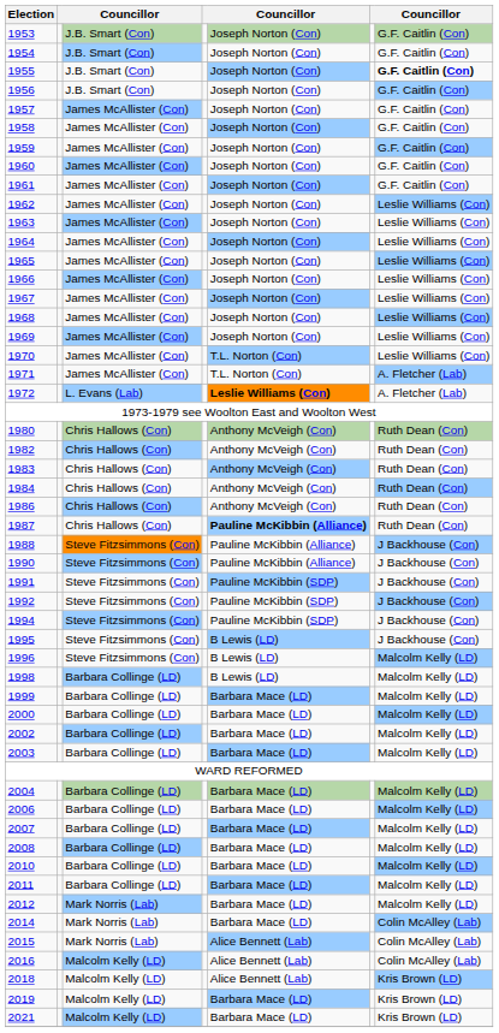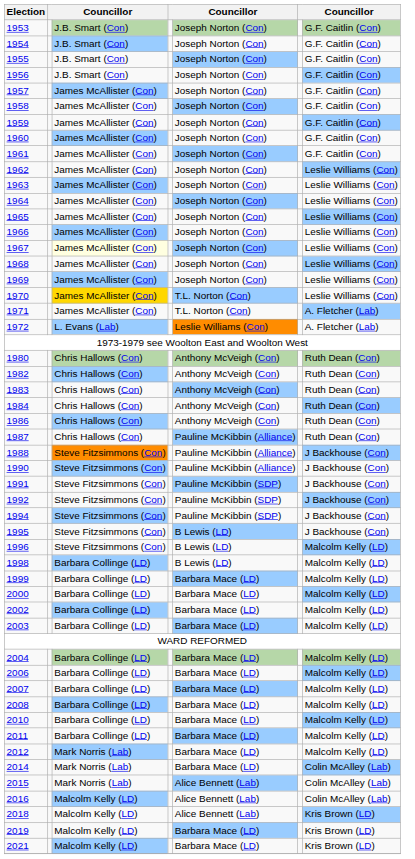 <table class="wikitable">
 <tr>
 <th>Election</th>
 <th colspan="2">Councillor</th>
 <th colspan="2">Councillor</th>
 <th colspan="2">Councillor</th>
 </tr>
 <tr>
 <td><a href='#'>1953</a></td>
 <td style="background-color: "></td>
 <td bgcolor="#B6D7A8">J.B. Smart (<a href='#'>Con</a>)</td>
 <td style="background-color: "></td>
 <td bgcolor="#B6D7A8">Joseph Norton (<a href='#'>Con</a>)</td>
 <td style="background-color: "></td>
 <td bgcolor="#B6D7A8">G.F. Caitlin (<a href='#'>Con</a>)</td>
 </tr>
 <tr>
 <td><a href='#'>1954</a></td>
 <td style="background-color: "></td>
 <td bgcolor="#99CCFF">J.B. Smart (<a href='#'>Con</a>)</td>
 <td style="background-color: "></td>
 <td>Joseph Norton (<a href='#'>Con</a>)</td>
 <td style="background-color: "></td>
 <td>G.F. Caitlin (<a href='#'>Con</a>)</td>
 </tr>
 <tr>
 <td><a href='#'>1955</a></td>
 <td style="background-color: "></td>
 <td>J.B. Smart (<a href='#'>Con</a>)</td>
 <td style="background-color: "></td>
 <td bgcolor="#99CCFF">Joseph Norton (<a href='#'>Con</a>)</td>
 <td style="background-color: "></td>
-<td><strong>G.F. Caitlin (<a href='#'>Con</a>)</strong></td>
+<td>G.F. Caitlin (<a href='#'>Con</a>)</td>
 </tr>
 <tr>
 <td><a href='#'>1956</a></td>
 <td style="background-color: "></td>
 <td>J.B. Smart (<a href='#'>Con</a>)</td>
 <td style="background-color: "></td>
 <td>Joseph Norton (<a href='#'>Con</a>)</td>
 <td style="background-color: "></td>
 <td bgcolor="#99CCFF">G.F. Caitlin (<a href='#'>Con</a>)</td>
 </tr>
 <tr>
 <td><a href='#'>1957</a></td>
 <td style="background-color: "></td>
 <td bgcolor="#99CCFF">James McAllister (<a href='#'>Con</a>)</td>
 <td style="background-color: "></td>
 <td>Joseph Norton (<a href='#'>Con</a>)</td>
 <td style="background-color: "></td>
 <td>G.F. Caitlin (<a href='#'>Con</a>)</td>
 </tr>
 <tr>
 <td><a href='#'>1958</a></td>
 <td style="background-color: "></td>
 <td>James McAllister (<a href='#'>Con</a>)</td>
 <td style="background-color: "></td>
 <td bgcolor="#99CCFF">Joseph Norton (<a href='#'>Con</a>)</td>
 <td style="background-color: "></td>
 <td>G.F. Caitlin (<a href='#'>Con</a>)</td>
 </tr>
 <tr>
 <td><a href='#'>1959</a></td>
 <td style="background-color: "></td>
 <td>James McAllister (<a href='#'>Con</a>)</td>
 <td style="background-color: "></td>
 <td>Joseph Norton (<a href='#'>Con</a>)</td>
 <td style="background-color: "></td>
 <td bgcolor="#99CCFF">G.F. Caitlin (<a href='#'>Con</a>)</td>
 </tr>
 <tr>
 <td><a href='#'>1960</a></td>
 <td style="background-color: "></td>
 <td bgcolor="#99CCFF">James McAllister (<a href='#'>Con</a>)</td>
 <td style="background-color: "></td>
 <td>Joseph Norton (<a href='#'>Con</a>)</td>
 <td style="background-color: "></td>
 <td>G.F. Caitlin (<a href='#'>Con</a>)</td>
 </tr>
 <tr>
 <td><a href='#'>1961</a></td>
 <td style="background-color: "></td>
 <td>James McAllister (<a href='#'>Con</a>)</td>
 <td style="background-color: "></td>
 <td bgcolor="#99CCFF">Joseph Norton (<a href='#'>Con</a>)</td>
 <td style="background-color: "></td>
 <td>G.F. Caitlin (<a href='#'>Con</a>)</td>
 </tr>
 <tr>
 <td><a href='#'>1962</a></td>
 <td style="background-color: "></td>
 <td>James McAllister (<a href='#'>Con</a>)</td>
 <td style="background-color: "></td>
 <td>Joseph Norton (<a href='#'>Con</a>)</td>
 <td style="background-color: "></td>
 <td bgcolor="#99CCFF">Leslie Williams (<a href='#'>Con</a>)</td>
 </tr>
 <tr>
 <td><a href='#'>1963</a></td>
 <td style="background-color: "></td>
 <td bgcolor="#99CCFF">James McAllister (<a href='#'>Con</a>)</td>
 <td style="background-color: "></td>
 <td>Joseph Norton (<a href='#'>Con</a>)</td>
 <td style="background-color: "></td>
 <td>Leslie Williams (<a href='#'>Con</a>)</td>
 </tr>
 <tr>
 <td><a href='#'>1964</a></td>
 <td style="background-color: "></td>
 <td>James McAllister (<a href='#'>Con</a>)</td>
 <td style="background-color: "></td>
 <td bgcolor="#99CCFF">Joseph Norton (<a href='#'>Con</a>)</td>
 <td style="background-color: "></td>
 <td>Leslie Williams (<a href='#'>Con</a>)</td>
 </tr>
 <tr>
 <td><a href='#'>1965</a></td>
 <td style="background-color: "></td>
 <td>James McAllister (<a href='#'>Con</a>)</td>
 <td style="background-color: "></td>
 <td>Joseph Norton (<a href='#'>Con</a>)</td>
 <td style="background-color: "></td>
 <td bgcolor="#99CCFF">Leslie Williams (<a href='#'>Con</a>)</td>
 </tr>
 <tr>
 <td><a href='#'>1966</a></td>
 <td style="background-color: "></td>
 <td bgcolor="#99CCFF">James McAllister (<a href='#'>Con</a>)</td>
 <td style="background-color: "></td>
 <td>Joseph Norton (<a href='#'>Con</a>)</td>
 <td style="background-color: "></td>
 <td>Leslie Williams (<a href='#'>Con</a>)</td>
 </tr>
 <tr>
 <td><a href='#'>1967</a></td>
 <td style="background-color: "></td>
-<td>James McAllister (<a href='#'>Con</a>)</td>
+<td style="background: lightyellow;">James McAllister (<a href='#'>Con</a>)</td>
 <td style="background-color: "></td>
 <td bgcolor="#99CCFF">Joseph Norton (<a href='#'>Con</a>)</td>
 <td style="background-color: "></td>
 <td>Leslie Williams (<a href='#'>Con</a>)</td>
 </tr>
 <tr>
 <td><a href='#'>1968</a></td>
 <td style="background-color: "></td>
 <td>James McAllister (<a href='#'>Con</a>)</td>
 <td style="background-color: "></td>
 <td>Joseph Norton (<a href='#'>Con</a>)</td>
 <td style="background-color: "></td>
 <td bgcolor="#99CCFF">Leslie Williams (<a href='#'>Con</a>)</td>
 </tr>
 <tr>
 <td><a href='#'>1969</a></td>
 <td style="background-color: "></td>
 <td bgcolor="#99CCFF">James McAllister (<a href='#'>Con</a>)</td>
 <td style="background-color: "></td>
 <td>Joseph Norton (<a href='#'>Con</a>)</td>
 <td style="background-color: "></td>
 <td>Leslie Williams (<a href='#'>Con</a>)</td>
 </tr>
 <tr>
 <td><a href='#'>1970</a></td>
 <td style="background-color: "></td>
-<td>James McAllister (<a href='#'>Con</a>)</td>
+<td style="background: gold;">James McAllister (<a href='#'>Con</a>)</td>
 <td style="background-color: "></td>
 <td bgcolor="#99CCFF">T.L. Norton (<a href='#'>Con</a>)</td>
 <td style="background-color: "></td>
 <td>Leslie Williams (<a href='#'>Con</a>)</td>
 </tr>
 <tr>
 <td><a href='#'>1971</a></td>
 <td style="background-color: "></td>
 <td>James McAllister (<a href='#'>Con</a>)</td>
 <td style="background-color: "></td>
 <td>T.L. Norton (<a href='#'>Con</a>)</td>
 <td style="background-color: "></td>
 <td bgcolor="#99CCFF">A. Fletcher (<a href='#'>Lab</a>)</td>
 </tr>
 <tr>
 <td><a href='#'>1972</a></td>
 <td style="background-color: "></td>
 <td bgcolor="#99CCFF">L. Evans (<a href='#'>Lab</a>)</td>
 <td style="background-color: "></td>
-<td bgcolor="#FF8C00"><strong>Leslie Williams (<a href='#'>Con</a>)</strong></td>
+<td bgcolor="#FF8C00">Leslie Williams (<a href='#'>Con</a>)</td>
 <td style="background-color: "></td>
 <td>A. Fletcher (<a href='#'>Lab</a>)</td>
 </tr>
 <tr>
 <td colspan="8" bgcolor="#FFF" style="text-align: center;">1973-1979 see Woolton East and Woolton West</td>
 </tr>
 <tr>
 <td><a href='#'>1980</a></td>
 <td style="background-color: "></td>
 <td bgcolor="#B6D7A8">Chris Hallows (<a href='#'>Con</a>)</td>
 <td style="background-color: "></td>
 <td bgcolor="#B6D7A8">Anthony McVeigh (<a href='#'>Con</a>)</td>
 <td style="background-color: "></td>
 <td bgcolor="#B6D7A8">Ruth Dean (<a href='#'>Con</a>)</td>
 </tr>
 <tr>
 <td><a href='#'>1982</a></td>
 <td style="background-color: "></td>
 <td bgcolor="#99CCFF">Chris Hallows (<a href='#'>Con</a>)</td>
 <td style="background-color: "></td>
 <td>Anthony McVeigh (<a href='#'>Con</a>)</td>
 <td style="background-color: "></td>
 <td>Ruth Dean (<a href='#'>Con</a>)</td>
 </tr>
 <tr>
 <td><a href='#'>1983</a></td>
 <td style="background-color: "></td>
 <td>Chris Hallows (<a href='#'>Con</a>)</td>
 <td style="background-color: "></td>
 <td bgcolor="#99CCFF">Anthony McVeigh (<a href='#'>Con</a>)</td>
 <td style="background-color: "></td>
 <td>Ruth Dean (<a href='#'>Con</a>)</td>
 </tr>
 <tr>
 <td><a href='#'>1984</a></td>
 <td style="background-color: "></td>
 <td>Chris Hallows (<a href='#'>Con</a>)</td>
 <td style="background-color: "></td>
 <td>Anthony McVeigh (<a href='#'>Con</a>)</td>
 <td style="background-color: "></td>
 <td bgcolor="#99CCFF">Ruth Dean (<a href='#'>Con</a>)</td>
 </tr>
 <tr>
 <td><a href='#'>1986</a></td>
 <td style="background-color: "></td>
 <td bgcolor="#99CCFF">Chris Hallows (<a href='#'>Con</a>)</td>
 <td style="background-color: "></td>
 <td>Anthony McVeigh (<a href='#'>Con</a>)</td>
 <td style="background-color: "></td>
 <td>Ruth Dean (<a href='#'>Con</a>)</td>
 </tr>
 <tr>
 <td><a href='#'>1987</a></td>
 <td style="background-color: "></td>
 <td>Chris Hallows (<a href='#'>Con</a>)</td>
 <td style="background-color: "></td>
-<td bgcolor="#99CCFF"><strong>Pauline McKibbin (<a href='#'>Alliance</a>)</strong></td>
+<td bgcolor="#99CCFF">Pauline McKibbin (<a href='#'>Alliance</a>)</td>
 <td style="background-color: "></td>
 <td>Ruth Dean (<a href='#'>Con</a>)</td>
 </tr>
 <tr>
 <td><a href='#'>1988</a></td>
 <td style="background-color: "></td>
 <td bgcolor="#FF8C00">Steve Fitzsimmons (<a href='#'>Con</a>)</td>
 <td style="background-color: "></td>
 <td>Pauline McKibbin (<a href='#'>Alliance</a>)</td>
 <td style="background-color: "></td>
 <td bgcolor="#99CCFF">J Backhouse (<a href='#'>Con</a>)</td>
 </tr>
 <tr>
 <td><a href='#'>1990</a></td>
 <td style="background-color: "></td>
 <td bgcolor="#99CCFF">Steve Fitzsimmons (<a href='#'>Con</a>)</td>
 <td style="background-color: "></td>
 <td>Pauline McKibbin (<a href='#'>Alliance</a>)</td>
 <td style="background-color: "></td>
 <td>J Backhouse (<a href='#'>Con</a>)</td>
 </tr>
 <tr>
 <td><a href='#'>1991</a></td>
 <td style="background-color: "></td>
 <td>Steve Fitzsimmons (<a href='#'>Con</a>)</td>
 <td style="background-color: "></td>
 <td bgcolor="#99CCFF">Pauline McKibbin (<a href='#'>SDP</a>)</td>
 <td style="background-color: "></td>
 <td>J Backhouse (<a href='#'>Con</a>)</td>
 </tr>
 <tr>
 <td><a href='#'>1992</a></td>
 <td style="background-color: "></td>
 <td>Steve Fitzsimmons (<a href='#'>Con</a>)</td>
 <td style="background-color: "></td>
 <td>Pauline McKibbin (<a href='#'>SDP</a>)</td>
 <td style="background-color: "></td>
 <td bgcolor="#99CCFF">J Backhouse (<a href='#'>Con</a>)</td>
 </tr>
 <tr>
 <td><a href='#'>1994</a></td>
 <td style="background-color: "></td>
 <td bgcolor="#99CCFF">Steve Fitzsimmons (<a href='#'>Con</a>)</td>
 <td style="background-color: "></td>
 <td>Pauline McKibbin (<a href='#'>SDP</a>)</td>
 <td style="background-color: "></td>
 <td>J Backhouse (<a href='#'>Con</a>)</td>
 </tr>
 <tr>
 <td><a href='#'>1995</a></td>
 <td style="background-color: "></td>
 <td>Steve Fitzsimmons (<a href='#'>Con</a>)</td>
 <td style="background-color: "></td>
 <td bgcolor="#99CCFF">B Lewis (<a href='#'>LD</a>)</td>
 <td style="background-color: "></td>
 <td>J Backhouse (<a href='#'>Con</a>)</td>
 </tr>
 <tr>
 <td><a href='#'>1996</a></td>
 <td style="background-color: "></td>
 <td>Steve Fitzsimmons (<a href='#'>Con</a>)</td>
 <td style="background-color: "></td>
 <td>B Lewis (<a href='#'>LD</a>)</td>
 <td style="background-color: "></td>
 <td bgcolor="#99CCFF">Malcolm Kelly (<a href='#'>LD</a>)</td>
 </tr>
 <tr>
 <td><a href='#'>1998</a></td>
 <td style="background-color: "></td>
 <td bgcolor="#99CCFF">Barbara Collinge (<a href='#'>LD</a>)</td>
 <td style="background-color: "></td>
 <td>B Lewis (<a href='#'>LD</a>)</td>
 <td style="background-color: "></td>
 <td>Malcolm Kelly (<a href='#'>LD</a>)</td>
 </tr>
 <tr>
 <td><a href='#'>1999</a></td>
 <td style="background-color: "></td>
 <td>Barbara Collinge (<a href='#'>LD</a>)</td>
 <td style="background-color: "></td>
 <td bgcolor="#99CCFF">Barbara Mace (<a href='#'>LD</a>)</td>
 <td style="background-color: "></td>
 <td>Malcolm Kelly (<a href='#'>LD</a>)</td>
 </tr>
 <tr>
 <td><a href='#'>2000</a></td>
 <td style="background-color: "></td>
 <td>Barbara Collinge (<a href='#'>LD</a>)</td>
 <td style="background-color: "></td>
 <td>Barbara Mace (<a href='#'>LD</a>)</td>
 <td style="background-color: "></td>
 <td bgcolor="#99CCFF">Malcolm Kelly (<a href='#'>LD</a>)</td>
 </tr>
 <tr>
 <td><a href='#'>2002</a></td>
 <td style="background-color: "></td>
 <td bgcolor="#99CCFF">Barbara Collinge (<a href='#'>LD</a>)</td>
 <td style="background-color: "></td>
 <td>Barbara Mace (<a href='#'>LD</a>)</td>
 <td style="background-color: "></td>
 <td>Malcolm Kelly (<a href='#'>LD</a>)</td>
 </tr>
 <tr>
 <td><a href='#'>2003</a></td>
 <td style="background-color: "></td>
 <td>Barbara Collinge (<a href='#'>LD</a>)</td>
 <td style="background-color: "></td>
 <td bgcolor="#99CCFF">Barbara Mace (<a href='#'>LD</a>)</td>
 <td style="background-color: "></td>
 <td>Malcolm Kelly (<a href='#'>LD</a>)</td>
 </tr>
 <tr>
 <td colspan="8" bgcolor="#FFF" style="text-align: center;">WARD REFORMED</td>
 </tr>
 <tr>
 <td><a href='#'>2004</a></td>
 <td style="background-color: "></td>
 <td bgcolor="#B6D7A8">Barbara Collinge (<a href='#'>LD</a>)</td>
 <td style="background-color: "></td>
 <td bgcolor="#B6D7A8">Barbara Mace (<a href='#'>LD</a>)</td>
 <td style="background-color: "></td>
 <td bgcolor="#B6D7A8">Malcolm Kelly (<a href='#'>LD</a>)</td>
 </tr>
 <tr>
 <td><a href='#'>2006</a></td>
 <td style="background-color: "></td>
 <td>Barbara Collinge (<a href='#'>LD</a>)</td>
 <td style="background-color: "></td>
 <td>Barbara Mace (<a href='#'>LD</a>)</td>
 <td style="background-color: "></td>
 <td bgcolor="#99CCFF">Malcolm Kelly (<a href='#'>LD</a>)</td>
 </tr>
 <tr>
 <td><a href='#'>2007</a></td>
 <td style="background-color: "></td>
 <td>Barbara Collinge (<a href='#'>LD</a>)</td>
 <td style="background-color: "></td>
 <td bgcolor="#99CCFF">Barbara Mace (<a href='#'>LD</a>)</td>
 <td style="background-color: "></td>
 <td>Malcolm Kelly (<a href='#'>LD</a>)</td>
 </tr>
 <tr>
 <td><a href='#'>2008</a></td>
 <td style="background-color: "></td>
 <td bgcolor="#99CCFF">Barbara Collinge (<a href='#'>LD</a>)</td>
 <td style="background-color: "></td>
 <td>Barbara Mace (<a href='#'>LD</a>)</td>
 <td style="background-color: "></td>
 <td>Malcolm Kelly (<a href='#'>LD</a>)</td>
 </tr>
 <tr>
 <td><a href='#'>2010</a></td>
 <td style="background-color: "></td>
 <td>Barbara Collinge (<a href='#'>LD</a>)</td>
 <td style="background-color: "></td>
 <td>Barbara Mace (<a href='#'>LD</a>)</td>
 <td style="background-color: "></td>
 <td bgcolor="#99CCFF">Malcolm Kelly (<a href='#'>LD</a>)</td>
 </tr>
 <tr>
 <td><a href='#'>2011</a></td>
 <td style="background-color: "></td>
 <td>Barbara Collinge (<a href='#'>LD</a>)</td>
 <td style="background-color: "></td>
 <td bgcolor="#99CCFF">Barbara Mace (<a href='#'>LD</a>)</td>
 <td style="background-color: "></td>
 <td>Malcolm Kelly (<a href='#'>LD</a>)</td>
 </tr>
 <tr>
 <td><a href='#'>2012</a></td>
 <td style="background-color: "></td>
 <td bgcolor="#99CCFF">Mark Norris (<a href='#'>Lab</a>)</td>
 <td style="background-color: "></td>
 <td>Barbara Mace (<a href='#'>LD</a>)</td>
 <td style="background-color: "></td>
 <td>Malcolm Kelly (<a href='#'>LD</a>)</td>
 </tr>
 <tr>
 <td><a href='#'>2014</a></td>
 <td style="background-color: "></td>
 <td>Mark Norris (<a href='#'>Lab</a>)</td>
 <td style="background-color: "></td>
 <td>Barbara Mace (<a href='#'>LD</a>)</td>
 <td style="background-color: "></td>
 <td bgcolor="#99CCFF">Colin McAlley (<a href='#'>Lab</a>)</td>
 </tr>
 <tr>
 <td><a href='#'>2015</a></td>
 <td style="background-color: "></td>
 <td>Mark Norris (<a href='#'>Lab</a>)</td>
 <td style="background-color: "></td>
 <td bgcolor="#99CCFF">Alice Bennett (<a href='#'>Lab</a>)</td>
 <td style="background-color: "></td>
 <td>Colin McAlley (<a href='#'>Lab</a>)</td>
 </tr>
 <tr>
 <td><a href='#'>2016</a></td>
 <td style="background-color: "></td>
 <td bgcolor="#99CCFF">Malcolm Kelly (<a href='#'>LD</a>)</td>
 <td style="background-color: "></td>
 <td>Alice Bennett (<a href='#'>Lab</a>)</td>
 <td style="background-color: "></td>
 <td>Colin McAlley (<a href='#'>Lab</a>)</td>
 </tr>
 <tr>
 <td><a href='#'>2018</a></td>
 <td style="background-color: "></td>
 <td>Malcolm Kelly (<a href='#'>LD</a>)</td>
 <td style="background-color: "></td>
 <td>Alice Bennett (<a href='#'>Lab</a>)</td>
 <td style="background-color: "></td>
 <td bgcolor="#99CCFF">Kris Brown (<a href='#'>LD</a>)</td>
 </tr>
 <tr>
 <td><a href='#'>2019</a></td>
 <td style="background-color: "></td>
 <td>Malcolm Kelly (<a href='#'>LD</a>)</td>
 <td style="background-color: "></td>
 <td bgcolor="#99CCFF">Barbara Mace (<a href='#'>LD</a>)</td>
 <td style="background-color: "></td>
 <td>Kris Brown (<a href='#'>LD</a>)</td>
 </tr>
 <tr>
 <td><a href='#'>2021</a></td>
 <td style="background-color: "></td>
 <td bgcolor="#99CCFF">Malcolm Kelly (<a href='#'>LD</a>)</td>
 <td style="background-color: "></td>
 <td>Barbara Mace (<a href='#'>LD</a>)</td>
 <td style="background-color: "></td>
 <td>Kris Brown (<a href='#'>LD</a>)</td>
 </tr>
 <tr>
 </tr>
 </table>
